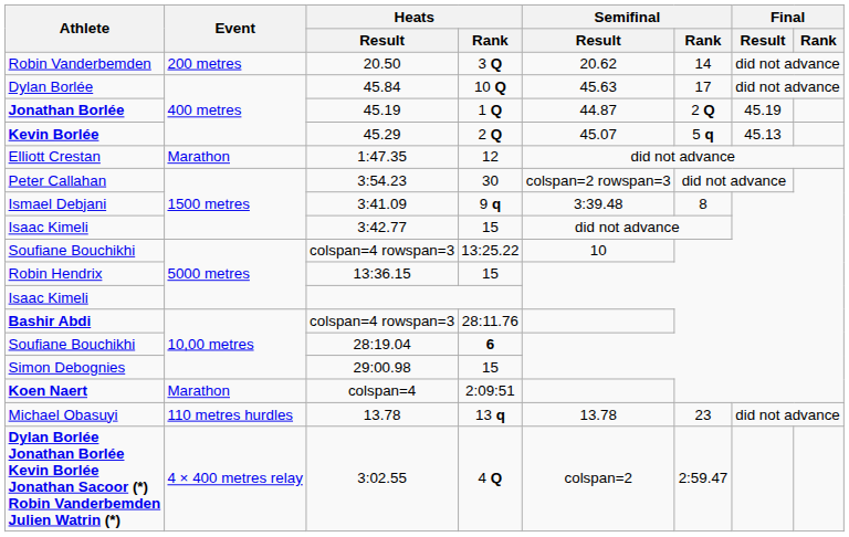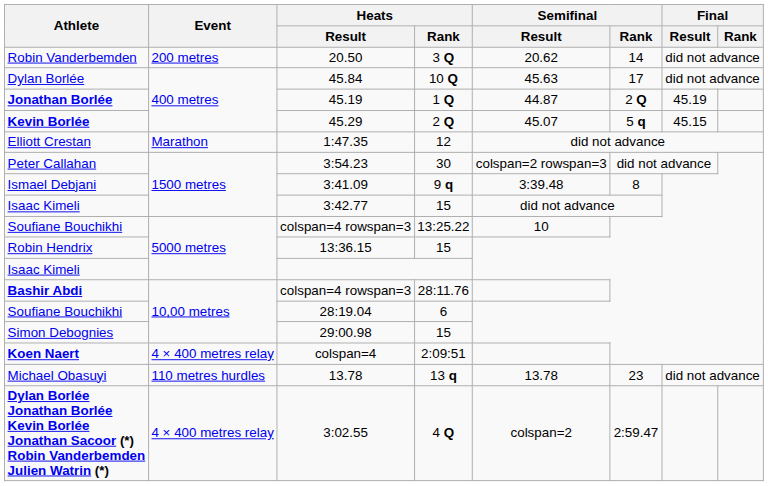 <table class="wikitable" border="1" style="font-size:90%">
 <tr>
 <th rowspan="2">Athlete</th>
 <th rowspan="2">Event</th>
 <th colspan="2">Heats</th>
 <th colspan="2">Semifinal</th>
 <th colspan="2">Final</th>
 </tr>
 <tr>
 <th>Result</th>
 <th>Rank</th>
 <th>Result</th>
 <th>Rank</th>
 <th>Result</th>
 <th>Rank</th>
 </tr>
 <tr align=center>
 <td align=left><a href='#'>Robin Vanderbemden</a></td>
 <td align=left><a href='#'>200 metres</a></td>
 <td>20.50</td>
 <td>3 <strong>Q</strong></td>
 <td>20.62</td>
 <td>14</td>
 <td align=center colspan=2>did not advance</td>
 </tr>
 <tr align=center>
 <td align=left><a href='#'>Dylan Borlée</a></td>
 <td align=left rowspan=3><a href='#'>400 metres</a></td>
 <td>45.84</td>
 <td>10 <strong>Q</strong></td>
 <td>45.63</td>
 <td>17</td>
 <td align=center colspan=2>did not advance</td>
 </tr>
 <tr align=center>
 <td align=left><strong><a href='#'>Jonathan Borlée</a></strong></td>
 <td>45.19 </td>
 <td>1 <strong>Q</strong></td>
 <td>44.87 </td>
 <td>2 <strong>Q</strong></td>
 <td>45.19</td>
 <td></td>
 </tr>
 <tr align=center>
 <td align=left><strong><a href='#'>Kevin Borlée</a></strong></td>
 <td>45.29 </td>
 <td>2 <strong>Q</strong></td>
 <td>45.07 </td>
 <td>5 <strong>q</strong></td>
-<td>45.13</td>
+<td>45.15</td>
 <td></td>
 </tr>
 <tr align=center>
 <td align=left><a href='#'>Elliott Crestan</a></td>
 <td align=left><a href='#'>Marathon</a></td>
 <td>1:47.35</td>
 <td>12</td>
 <td align=center colspan=4>did not advance</td>
 </tr>
 <tr align=center>
 <td align=left><a href='#'>Peter Callahan</a></td>
 <td align=left rowspan=3><a href='#'>1500 metres</a></td>
 <td>3:54.23</td>
 <td>30</td>
 <td>colspan=2 rowspan=3</td>
 <td align=center colspan=2>did not advance</td>
 </tr>
 <tr align=center>
 <td align=left><a href='#'>Ismael Debjani</a></td>
 <td>3:41.09</td>
 <td>9 <strong>q</strong></td>
 <td>3:39.48</td>
 <td>8</td>
 </tr>
 <tr align=center>
 <td align=left><a href='#'>Isaac Kimeli</a></td>
 <td>3:42.77</td>
 <td>15</td>
 <td colspan=2>did not advance</td>
 </tr>
 <tr align=center>
 <td align=left><a href='#'>Soufiane Bouchikhi</a></td>
 <td align=left rowspan=3><a href='#'>5000 metres</a></td>
 <td>colspan=4 rowspan=3</td>
 <td>13:25.22</td>
 <td>10</td>
 </tr>
 <tr align=center>
 <td align=left><a href='#'>Robin Hendrix</a></td>
 <td>13:36.15</td>
 <td>15</td>
 </tr>
 <tr align=center>
 <td align=left><a href='#'>Isaac Kimeli</a></td>
 <td colspan=2></td>
 </tr>
 <tr align=center>
 <td align=left><strong><a href='#'>Bashir Abdi</a></strong></td>
 <td align=left rowspan=3><a href='#'>10,00 metres</a></td>
 <td>colspan=4 rowspan=3</td>
 <td>28:11.76</td>
 <td></td>
 </tr>
 <tr align=center>
 <td align=left><a href='#'>Soufiane Bouchikhi</a></td>
 <td>28:19.04</td>
-<td><strong>6</strong></td>
+<td>6</td>
 </tr>
 <tr align=center>
 <td align=left><a href='#'>Simon Debognies</a></td>
 <td>29:00.98</td>
 <td>15</td>
 </tr>
 <tr align=center>
 <td align=left><strong><a href='#'>Koen Naert</a></strong></td>
-<td align=left><a href='#'>Marathon</a></td>
+<td align=left><a href='#'>4 × 400 metres relay</a></td>
 <td>colspan=4</td>
 <td>2:09:51 </td>
 <td></td>
 </tr>
 <tr align=center>
 <td align=left><a href='#'>Michael Obasuyi</a></td>
 <td align=left><a href='#'>110 metres hurdles</a></td>
 <td>13.78</td>
 <td>13 <strong>q</strong></td>
 <td>13.78</td>
 <td>23</td>
 <td colspan=2>did not advance</td>
 </tr>
 <tr align=center>
 <td align=left><strong><a href='#'>Dylan Borlée</a><br><a href='#'>Jonathan Borlée</a><br><a href='#'>Kevin Borlée</a><br><a href='#'>Jonathan Sacoor</a> (*)<br><a href='#'>Robin Vanderbemden</a><br><a href='#'>Julien Watrin</a> (*)</strong></td>
 <td align=left><a href='#'>4 × 400 metres relay</a></td>
 <td>3:02.55</td>
 <td>4 <strong>Q</strong></td>
 <td>colspan=2</td>
 <td>2:59.47 </td>
 <td></td>
 </tr>
 </table>
